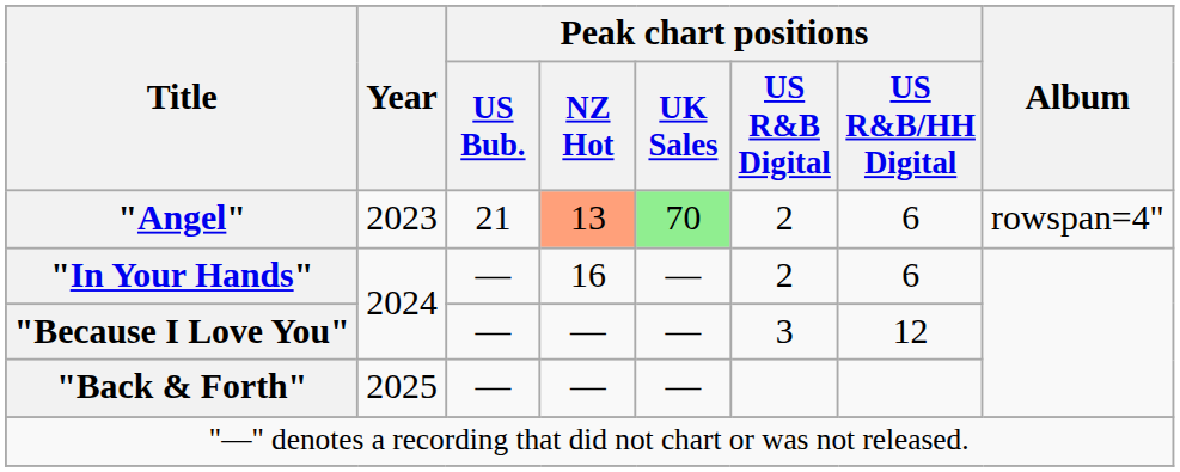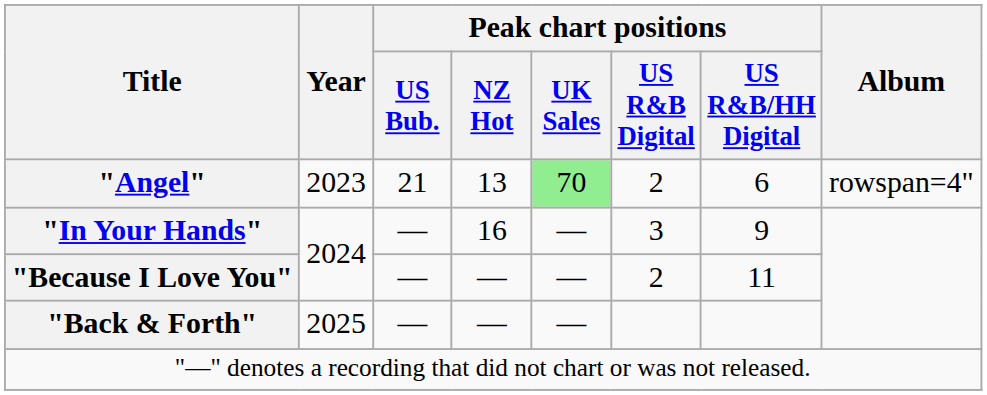 <table class="wikitable plainrowheaders" style="text-align:center;">
 <tr>
 <th rowspan="2">Title</th>
 <th rowspan="2">Year</th>
 <th colspan="5">Peak chart positions</th>
 <th rowspan="2">Album</th>
 </tr>
 <tr>
 <th scope="col" style="width:2.5em;font-size:90%;"><a href='#'>US<br>Bub.</a><br></th>
 <th scope="col" style="width:2.5em;font-size:90%;"><a href='#'>NZ<br>Hot</a><br></th>
 <th scope="col" style="width:2.5em;font-size:90%;"><a href='#'>UK<br>Sales</a><br></th>
 <th scope="col" style="width:2.5em;font-size:90%;"><a href='#'> US R&B Digital</a> <br></th>
 <th scope="col" style="width:2.5em;font-size:90%;"><a href='#'> US R&B/HH Digital</a><br></th>
 </tr>
 <tr>
 <th scope="row">"<a href='#'>Angel</a>"</th>
 <td>2023</td>
 <td>21</td>
-<td style="background: lightsalmon;">13</td>
+<td>13</td>
 <td style="background: lightgreen;">70</td>
 <td —>2</td>
 <td —>6</td>
 <td>rowspan=4" </td>
 </tr>
 <tr>
 <th scope="row">"<a href='#'>In Your Hands</a>"</th>
 <td rowspan="2">2024</td>
 <td>—</td>
 <td>16</td>
 <td>—</td>
-<td>2</td>
-<td>6</td>
+<td>3</td>
+<td>9</td>
 </tr>
 <tr>
 <th scope="row">"Because I Love You"</th>
 <td>—</td>
 <td>—</td>
 <td>—</td>
-<td>3</td>
-<td>12</td>
+<td>2</td>
+<td>11</td>
 </tr>
 <tr>
 <th scope="row">"Back & Forth"</th>
 <td>2025</td>
 <td>—</td>
 <td>—</td>
 <td>—</td>
 <td></td>
 <td></td>
 </tr>
 <tr>
 <td colspan="8" style="font-size:85%">"—" denotes a recording that did not chart or was not released.</td>
 </tr>
 </table>
